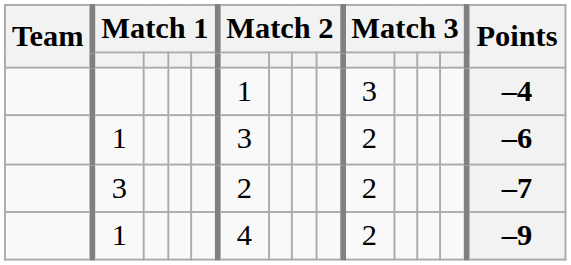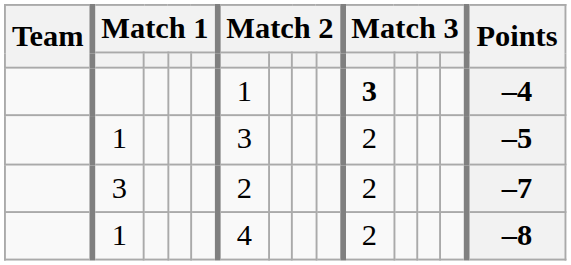 <table class="wikitable sortable" style="text-align:center;">
 <tr>
 <th rowspan=2>Team</th>
 <th colspan=4 style="border-left:3px solid gray">Match 1</th>
 <th colspan=4 style="border-left:3px solid gray">Match 2</th>
 <th colspan=4 style="border-left:3px solid gray">Match 3</th>
 <th rowspan=2 style="border-left:3px solid gray">Points</th>
 </tr>
 <tr>
 <th style="border-left:3px solid gray"></th>
 <th></th>
 <th></th>
 <th></th>
 <th style="border-left:3px solid gray"></th>
 <th></th>
 <th></th>
 <th></th>
 <th style="border-left:3px solid gray"></th>
 <th></th>
 <th></th>
 <th></th>
 </tr>
 <tr>
 <td align=left></td>
 <td style="border-left:3px solid gray"></td>
 <td></td>
 <td></td>
 <td></td>
 <td style="border-left:3px solid gray">1</td>
 <td></td>
 <td></td>
 <td></td>
-<td style="border-left:3px solid gray">3</td>
+<td style="border-left:3px solid gray"><strong>3</strong></td>
 <td></td>
 <td></td>
 <td></td>
 <th style="border-left:3px solid gray">–4</th>
 </tr>
 <tr>
 <td align=left></td>
 <td style="border-left:3px solid gray">1</td>
 <td></td>
 <td></td>
 <td></td>
 <td style="border-left:3px solid gray">3</td>
 <td></td>
 <td></td>
 <td></td>
 <td style="border-left:3px solid gray">2</td>
 <td></td>
 <td></td>
 <td></td>
-<th style="border-left:3px solid gray">–6</th>
+<th style="border-left:3px solid gray">–5</th>
 </tr>
 <tr>
 <td align=left></td>
 <td style="border-left:3px solid gray">3</td>
 <td></td>
 <td></td>
 <td></td>
 <td style="border-left:3px solid gray">2</td>
 <td></td>
 <td></td>
 <td></td>
 <td style="border-left:3px solid gray">2</td>
 <td></td>
 <td></td>
 <td></td>
 <th style="border-left:3px solid gray">–7</th>
 </tr>
 <tr>
 <td align=left></td>
 <td style="border-left:3px solid gray">1</td>
 <td></td>
 <td></td>
 <td></td>
 <td style="border-left:3px solid gray">4</td>
 <td></td>
 <td></td>
 <td></td>
 <td style="border-left:3px solid gray">2</td>
 <td></td>
 <td></td>
 <td></td>
-<th style="border-left:3px solid gray">–9</th>
+<th style="border-left:3px solid gray">–8</th>
 </tr>
 </table>
